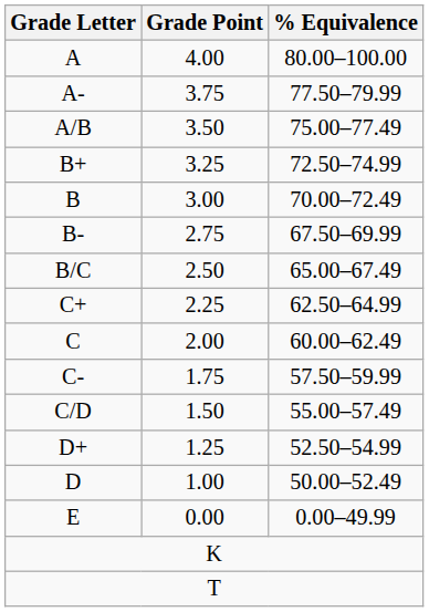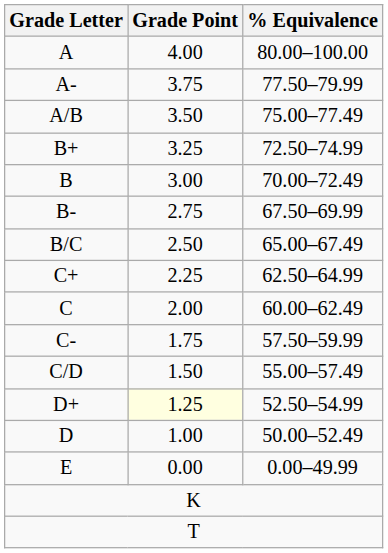 <table class="wikitable" style="text-align:center;">
 <tr>
 <th>Grade Letter</th>
 <th>Grade Point</th>
 <th>% Equivalence</th>
 </tr>
 <tr>
 <td>A</td>
 <td>4.00</td>
 <td>80.00–100.00</td>
 </tr>
 <tr>
 <td>A-</td>
 <td>3.75</td>
 <td>77.50–79.99</td>
 </tr>
 <tr>
 <td>A/B</td>
 <td>3.50</td>
 <td>75.00–77.49</td>
 </tr>
 <tr>
 <td>B+</td>
 <td>3.25</td>
 <td>72.50–74.99</td>
 </tr>
 <tr>
 <td>B</td>
 <td>3.00</td>
 <td>70.00–72.49</td>
 </tr>
 <tr>
 <td>B-</td>
 <td>2.75</td>
 <td>67.50–69.99</td>
 </tr>
 <tr>
 <td>B/C</td>
 <td>2.50</td>
 <td>65.00–67.49</td>
 </tr>
 <tr>
 <td>C+</td>
 <td>2.25</td>
 <td>62.50–64.99</td>
 </tr>
 <tr>
 <td>C</td>
 <td>2.00</td>
 <td>60.00–62.49</td>
 </tr>
 <tr>
 <td>C-</td>
 <td>1.75</td>
 <td>57.50–59.99</td>
 </tr>
 <tr>
 <td>C/D</td>
 <td>1.50</td>
 <td>55.00–57.49</td>
 </tr>
 <tr>
 <td>D+</td>
-<td>1.25</td>
+<td style="background: lightyellow;">1.25</td>
 <td>52.50–54.99</td>
 </tr>
 <tr>
 <td>D</td>
 <td>1.00</td>
 <td>50.00–52.49</td>
 </tr>
 <tr>
 <td>E</td>
 <td>0.00</td>
 <td>0.00–49.99</td>
 </tr>
 <tr>
 <td colspan=3>K</td>
 </tr>
 <tr>
 <td colspan=3>T</td>
 </tr>
 </table>
